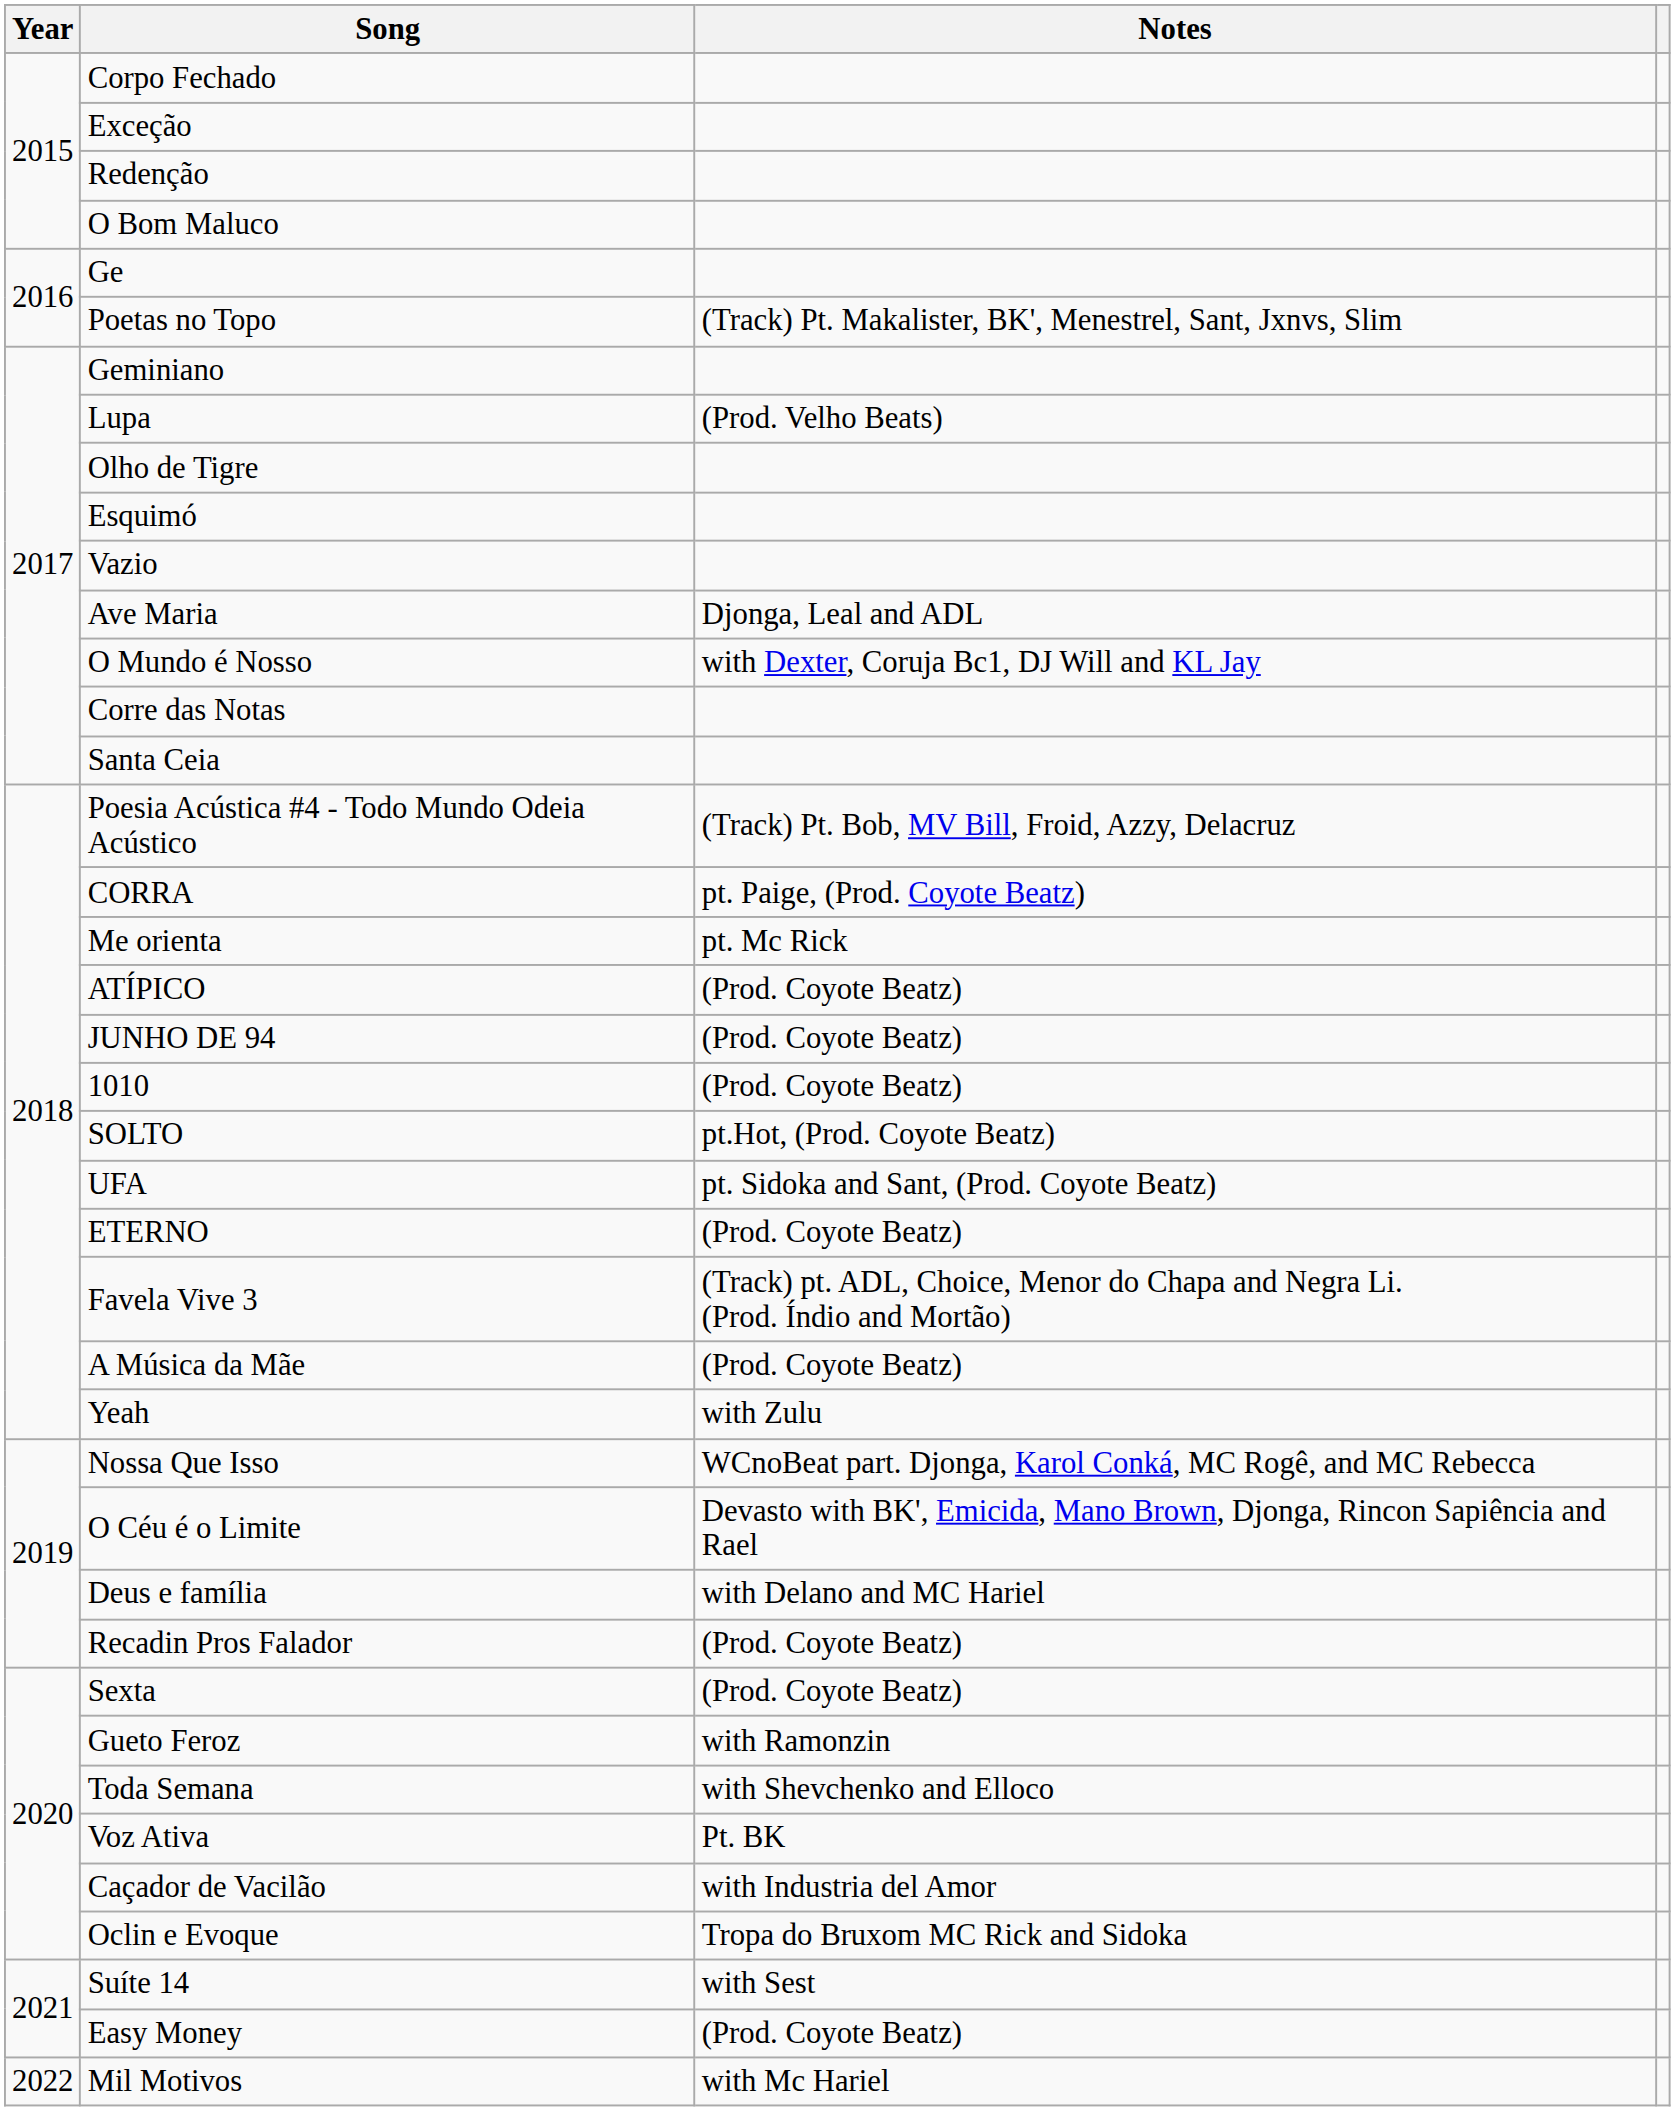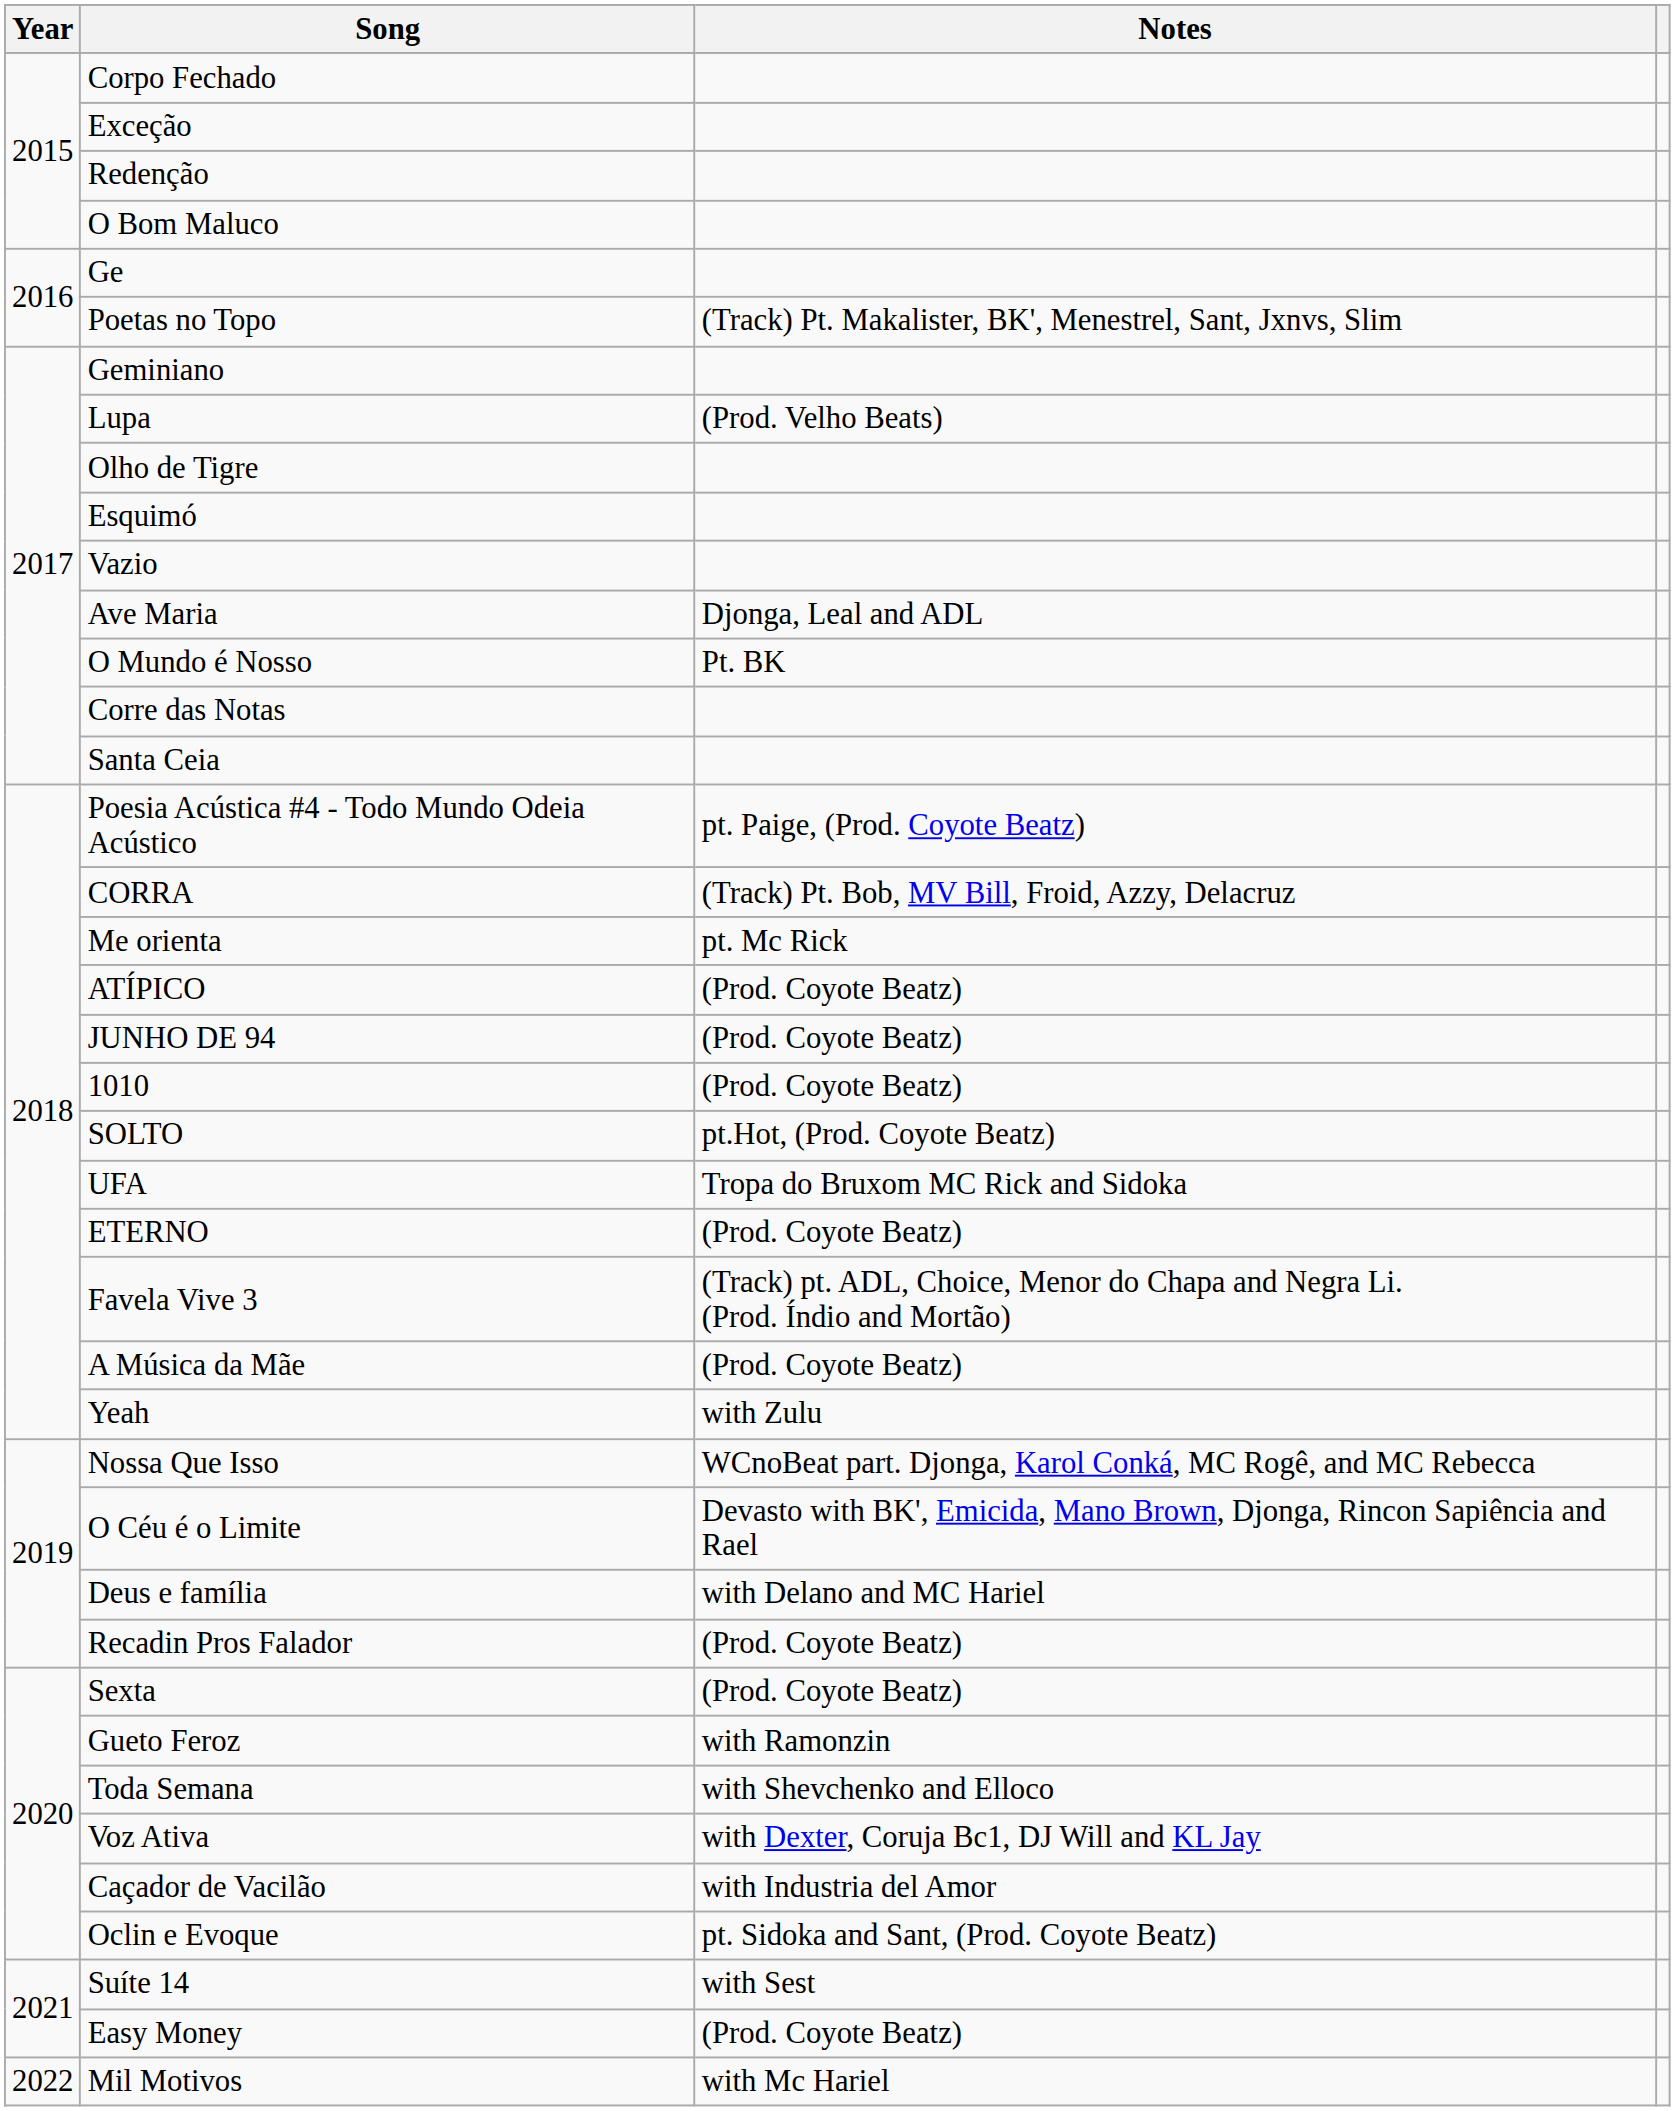 <table class="wikitable">
 <tr>
 <th>Year</th>
 <th>Song</th>
 <th>Notes</th>
 <th></th>
 </tr>
 <tr>
 <td rowspan="4">2015</td>
 <td>Corpo Fechado</td>
 <td></td>
 <td></td>
 </tr>
 <tr>
 <td>Exceção</td>
 <td></td>
 <td></td>
 </tr>
 <tr>
 <td>Redenção</td>
 <td></td>
 <td></td>
 </tr>
 <tr>
 <td>O Bom Maluco</td>
 <td></td>
 <td></td>
 </tr>
 <tr>
 <td rowspan="2">2016</td>
 <td>Ge</td>
 <td></td>
 <td></td>
 </tr>
 <tr>
 <td>Poetas no Topo</td>
 <td>(Track) Pt. Makalister, BK', Menestrel, Sant, Jxnvs, Slim</td>
 <td></td>
 </tr>
 <tr>
 <td rowspan="9">2017</td>
 <td>Geminiano</td>
 <td></td>
 <td></td>
 </tr>
 <tr>
 <td>Lupa</td>
 <td>(Prod. Velho Beats)</td>
 <td></td>
 </tr>
 <tr>
 <td>Olho de Tigre</td>
 <td></td>
 <td></td>
 </tr>
 <tr>
 <td>Esquimó</td>
 <td></td>
 <td></td>
 </tr>
 <tr>
 <td>Vazio</td>
 <td></td>
 <td></td>
 </tr>
 <tr>
 <td>Ave Maria</td>
 <td>Djonga, Leal and ADL</td>
 <td></td>
 </tr>
 <tr>
 <td>O Mundo é Nosso</td>
-<td>with <a href='#'>Dexter</a>, Coruja Bc1, DJ Will and <a href='#'>KL Jay</a></td>
+<td>Pt. BK</td>
 <td></td>
 </tr>
 <tr>
 <td>Corre das Notas</td>
 <td></td>
 <td></td>
 </tr>
 <tr>
 <td>Santa Ceia</td>
 <td></td>
 <td></td>
 </tr>
 <tr>
 <td rowspan="12">2018</td>
 <td>Poesia Acústica #4 - Todo Mundo Odeia Acústico</td>
-<td>(Track) Pt. Bob, <a href='#'>MV Bill</a>, Froid, Azzy, Delacruz</td>
+<td>pt. Paige, (Prod. <a href='#'>Coyote Beatz</a>)</td>
 <td></td>
 </tr>
 <tr>
 <td>CORRA</td>
-<td>pt. Paige, (Prod. <a href='#'>Coyote Beatz</a>)</td>
+<td>(Track) Pt. Bob, <a href='#'>MV Bill</a>, Froid, Azzy, Delacruz</td>
 <td></td>
 </tr>
 <tr>
 <td>Me orienta</td>
 <td>pt. Mc Rick</td>
 <td></td>
 </tr>
 <tr>
 <td>ATÍPICO</td>
 <td>(Prod. Coyote Beatz)</td>
 <td></td>
 </tr>
 <tr>
 <td>JUNHO DE 94</td>
 <td>(Prod. Coyote Beatz)</td>
 <td></td>
 </tr>
 <tr>
 <td>1010</td>
 <td>(Prod. Coyote Beatz)</td>
 <td></td>
 </tr>
 <tr>
 <td>SOLTO</td>
 <td>pt.Hot, (Prod. Coyote Beatz)</td>
 <td></td>
 </tr>
 <tr>
 <td>UFA</td>
-<td>pt. Sidoka and Sant, (Prod. Coyote Beatz)</td>
+<td>Tropa do Bruxom MC Rick and Sidoka</td>
 <td></td>
 </tr>
 <tr>
 <td>ETERNO</td>
 <td>(Prod. Coyote Beatz)</td>
 <td></td>
 </tr>
 <tr>
 <td>Favela Vive 3</td>
 <td>(Track) pt. ADL, Choice, Menor do Chapa and Negra Li.<br>(Prod. Índio and Mortão)</td>
 <td></td>
 </tr>
 <tr>
 <td>A Música da Mãe</td>
 <td>(Prod. Coyote Beatz)</td>
 <td></td>
 </tr>
 <tr>
 <td>Yeah</td>
 <td>with Zulu</td>
 <td></td>
 </tr>
 <tr>
 <td rowspan="4">2019</td>
 <td>Nossa Que Isso</td>
 <td>WCnoBeat part. Djonga, <a href='#'>Karol Conká</a>, MC Rogê, and MC Rebecca</td>
 <td></td>
 </tr>
 <tr>
 <td>O Céu é o Limite</td>
 <td>Devasto with BK', <a href='#'>Emicida</a>, <a href='#'>Mano Brown</a>, Djonga, Rincon Sapiência and Rael</td>
 <td></td>
 </tr>
 <tr>
 <td>Deus e família</td>
 <td>with Delano and MC Hariel</td>
 <td></td>
 </tr>
 <tr>
 <td>Recadin Pros Falador</td>
 <td>(Prod. Coyote Beatz)</td>
 <td></td>
 </tr>
 <tr>
 <td rowspan="6">2020</td>
 <td>Sexta</td>
 <td>(Prod. Coyote Beatz)</td>
 <td></td>
 </tr>
 <tr>
 <td>Gueto Feroz</td>
 <td>with Ramonzin</td>
 <td></td>
 </tr>
 <tr>
 <td>Toda Semana</td>
 <td>with Shevchenko and Elloco</td>
 <td></td>
 </tr>
 <tr>
 <td>Voz Ativa</td>
-<td>Pt. BK</td>
+<td>with <a href='#'>Dexter</a>, Coruja Bc1, DJ Will and <a href='#'>KL Jay</a></td>
 <td></td>
 </tr>
 <tr>
 <td>Caçador de Vacilão</td>
 <td>with Industria del Amor</td>
 <td></td>
 </tr>
 <tr>
 <td>Oclin e Evoque</td>
-<td>Tropa do Bruxom MC Rick and Sidoka</td>
+<td>pt. Sidoka and Sant, (Prod. Coyote Beatz)</td>
 <td></td>
 </tr>
 <tr>
 <td rowspan="2">2021</td>
 <td>Suíte 14</td>
 <td>with Sest</td>
 <td></td>
 </tr>
 <tr>
 <td>Easy Money</td>
 <td>(Prod. Coyote Beatz)</td>
 <td></td>
 </tr>
 <tr>
 <td>2022</td>
 <td>Mil Motivos</td>
 <td>with Mc Hariel</td>
 <td></td>
 </tr>
 </table>
